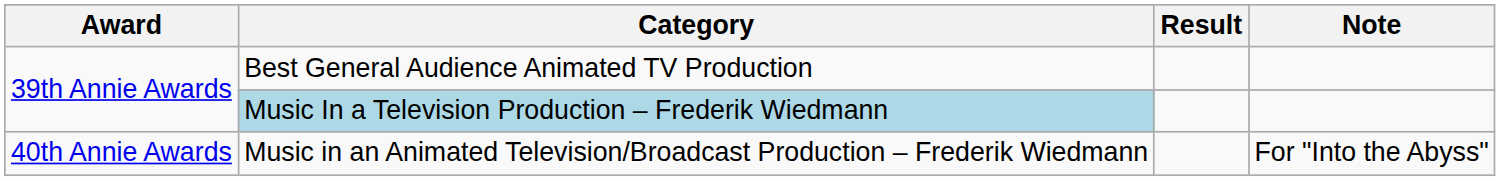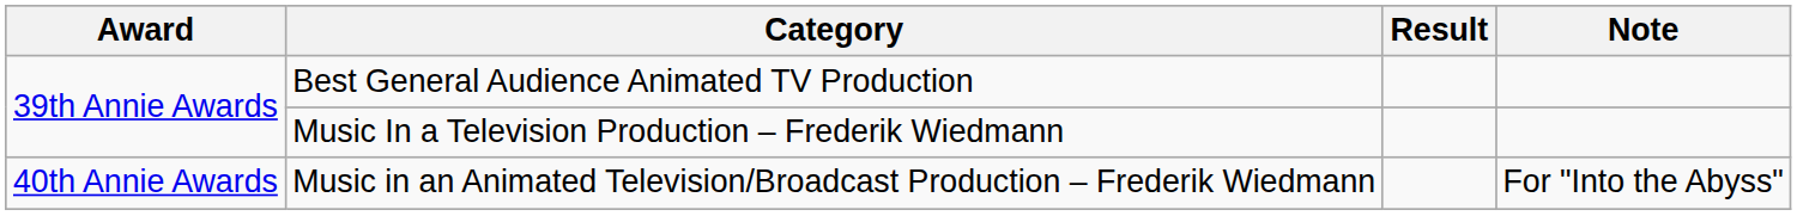 <table class="wikitable">
 <tr>
 <th>Award</th>
 <th>Category</th>
 <th>Result</th>
 <th>Note</th>
 </tr>
 <tr>
 <td rowspan = 2><a href='#'>39th Annie Awards</a></td>
 <td>Best General Audience Animated TV Production</td>
 <td></td>
 <td></td>
 </tr>
 <tr>
-<td style="background: lightblue;">Music In a Television Production – Frederik Wiedmann</td>
+<td>Music In a Television Production – Frederik Wiedmann</td>
 <td></td>
 <td></td>
 </tr>
 <tr>
 <td><a href='#'>40th Annie Awards</a></td>
 <td>Music in an Animated Television/Broadcast Production – Frederik Wiedmann</td>
 <td></td>
 <td>For "Into the Abyss"</td>
 </tr>
 </table>
